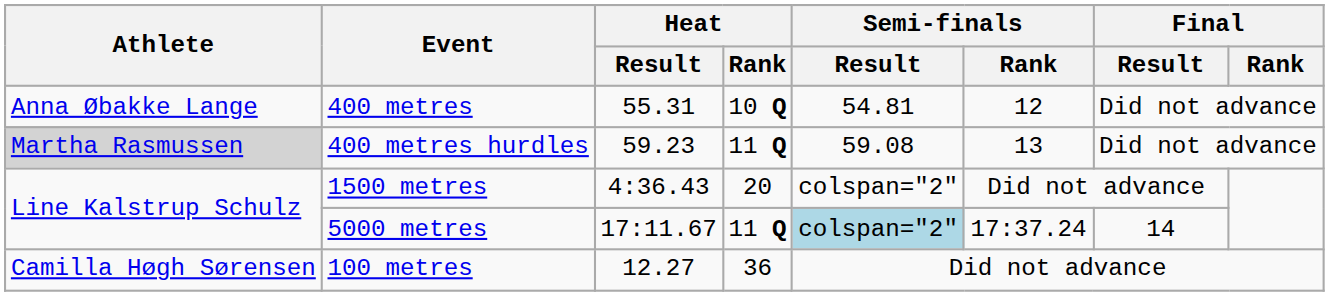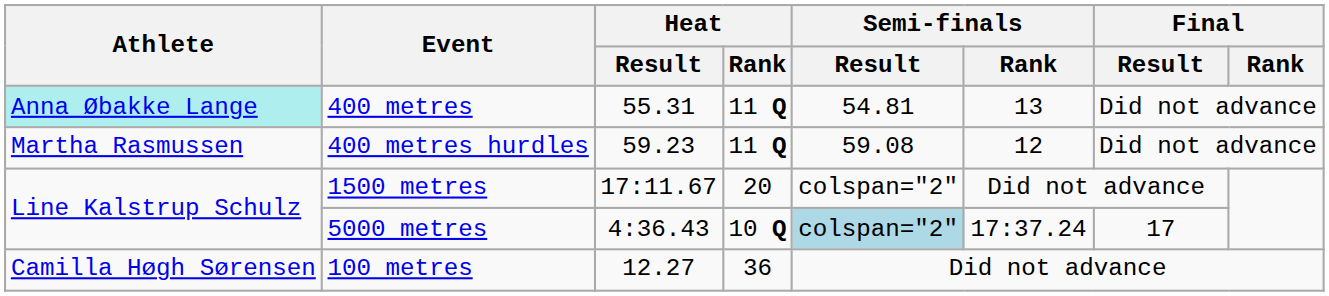 <table class="wikitable" style="font-size:90%; text-align:center">
 <tr>
 <th rowspan="2">Athlete</th>
 <th rowspan="2">Event</th>
 <th colspan="2">Heat</th>
 <th colspan="2">Semi-finals</th>
 <th colspan="2">Final</th>
 </tr>
 <tr>
 <th>Result</th>
 <th>Rank</th>
 <th>Result</th>
 <th>Rank</th>
 <th>Result</th>
 <th>Rank</th>
 </tr>
 <tr>
-<td align="left"><a href='#'>Anna Øbakke Lange</a></td>
+<td align="left" style="background: paleturquoise;"><a href='#'>Anna Øbakke Lange</a></td>
 <td align="left"><a href='#'>400 metres</a></td>
 <td>55.31</td>
-<td>10 <strong>Q</strong></td>
+<td>11 <strong>Q</strong></td>
 <td>54.81</td>
-<td>12</td>
+<td>13</td>
 <td colspan="2">Did not advance</td>
 </tr>
 <tr>
-<td align="left" style="background: lightgrey;"><a href='#'>Martha Rasmussen</a></td>
+<td align="left"><a href='#'>Martha Rasmussen</a></td>
 <td align="left"><a href='#'>400 metres hurdles</a></td>
 <td>59.23</td>
 <td>11 <strong>Q</strong></td>
 <td>59.08</td>
-<td>13</td>
+<td>12</td>
 <td colspan="2">Did not advance</td>
 </tr>
 <tr>
 <td align="left"  rowspan="2"><a href='#'>Line Kalstrup Schulz</a></td>
 <td align="left"><a href='#'>1500 metres</a></td>
-<td>4:36.43</td>
+<td>17:11.67</td>
 <td>20</td>
 <td>colspan="2" </td>
 <td colspan="2">Did not advance</td>
 </tr>
 <tr>
 <td align="left"><a href='#'>5000 metres</a></td>
-<td>17:11.67</td>
-<td>11 <strong>Q</strong></td>
+<td>4:36.43</td>
+<td>10 <strong>Q</strong></td>
 <td style="background: lightblue;">colspan="2" </td>
 <td>17:37.24</td>
-<td>14</td>
+<td>17</td>
 </tr>
 <tr>
 <td align="left"><a href='#'>Camilla Høgh Sørensen</a></td>
 <td align="left"><a href='#'>100 metres</a></td>
 <td>12.27</td>
 <td>36</td>
 <td colspan="4">Did not advance</td>
 </tr>
 </table>
